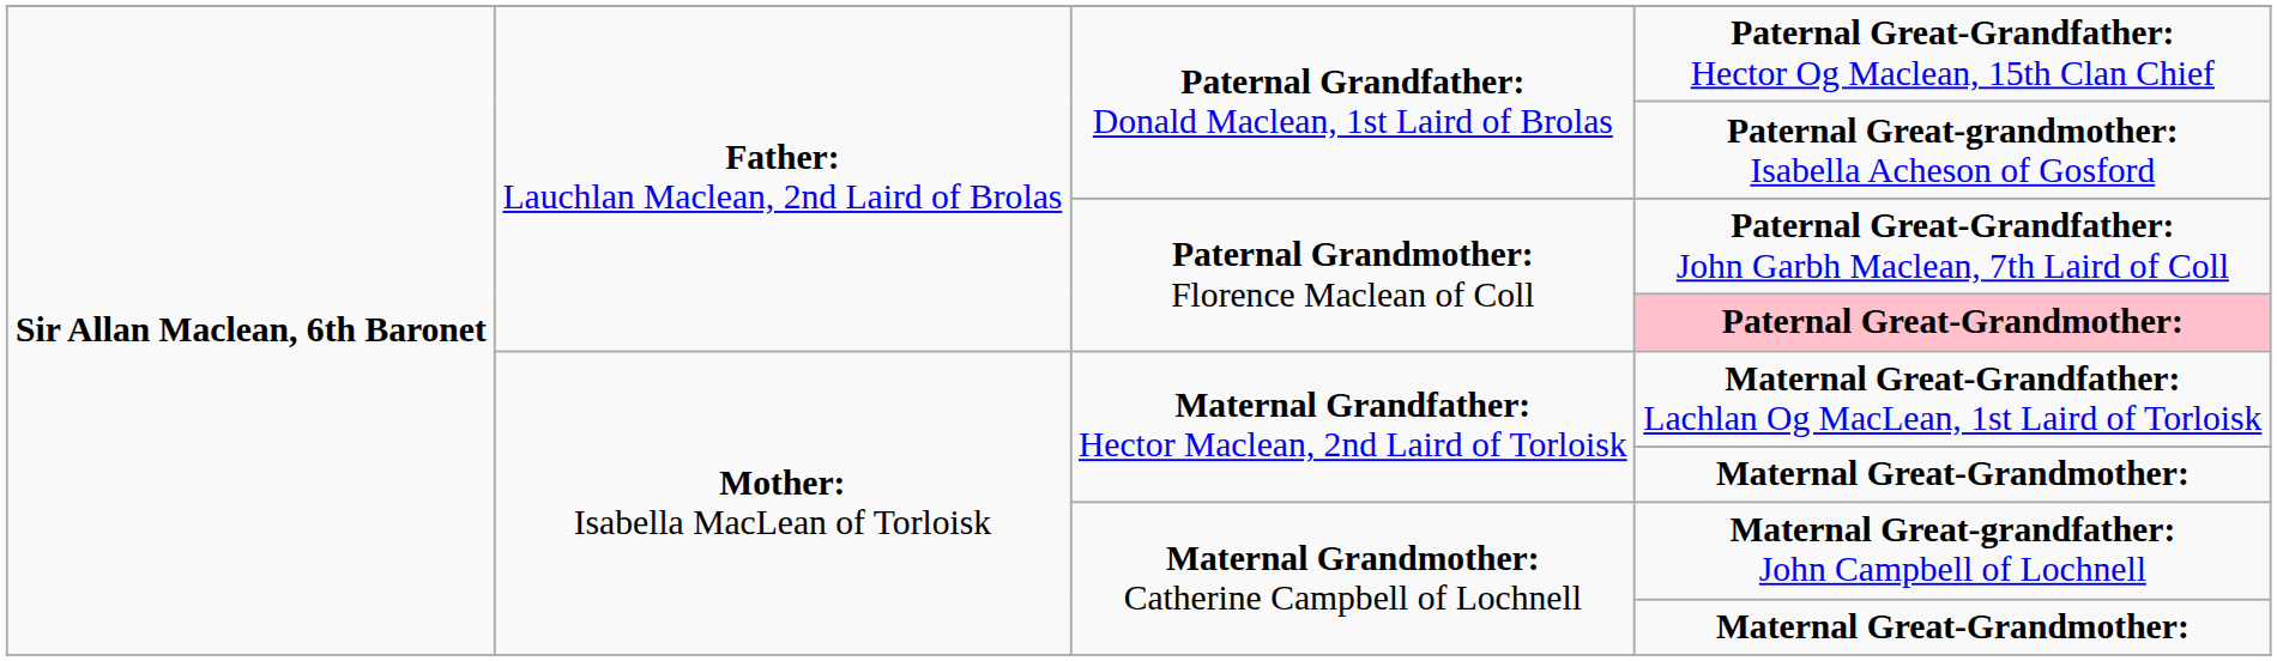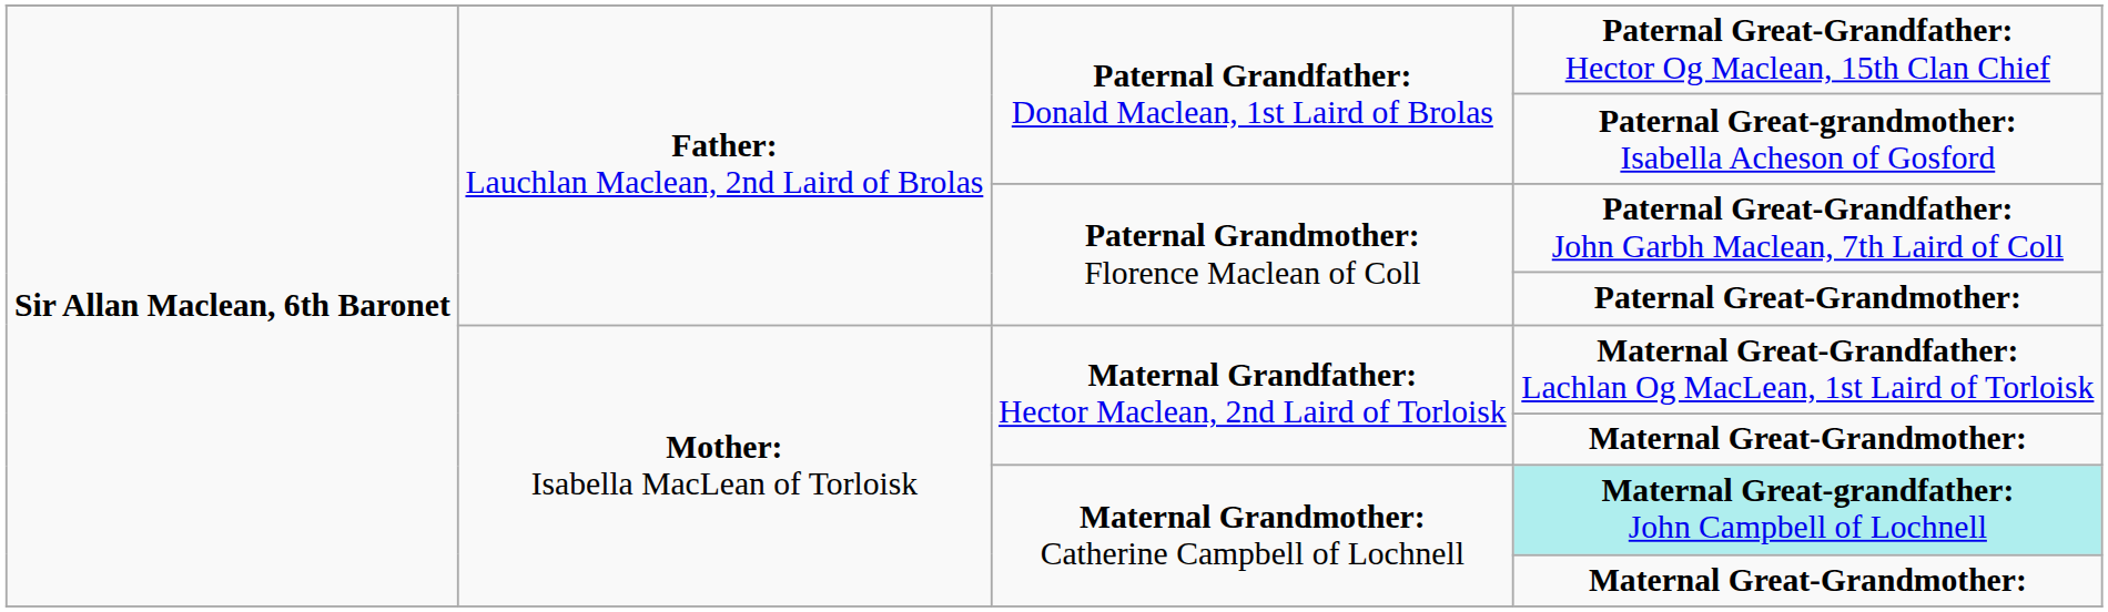 <table class="wikitable" style="margin: auto">
 <tr>
 </tr>
 <tr>
 <td rowspan="8" align="center"><strong>Sir Allan Maclean, 6th Baronet</strong></td>
 <td rowspan="4" align="center"><strong>Father:</strong><br><a href='#'>Lauchlan Maclean, 2nd Laird of Brolas</a></td>
 <td rowspan="2" align="center"><strong>Paternal Grandfather:</strong><br><a href='#'>Donald Maclean, 1st Laird of Brolas</a></td>
 <td align="center"><strong>Paternal Great-Grandfather:</strong><br><a href='#'>Hector Og Maclean, 15th Clan Chief</a></td>
 </tr>
 <tr>
 <td align="center"><strong>Paternal Great-grandmother:</strong><br><a href='#'>Isabella Acheson of Gosford</a></td>
 </tr>
 <tr>
 <td rowspan="2" align="center"><strong>Paternal Grandmother:</strong><br>Florence Maclean of Coll</td>
 <td align="center"><strong>Paternal Great-Grandfather:</strong><br><a href='#'>John Garbh Maclean, 7th Laird of Coll</a></td>
 </tr>
 <tr>
-<td align="center" style="background: pink;"><strong>Paternal Great-Grandmother:</strong><br></td>
+<td align="center"><strong>Paternal Great-Grandmother:</strong><br></td>
 </tr>
 <tr>
 <td rowspan="4" align="center"><strong>Mother:</strong><br>Isabella MacLean of Torloisk</td>
 <td rowspan="2" align="center"><strong>Maternal Grandfather:</strong><br><a href='#'>Hector Maclean, 2nd Laird of Torloisk</a></td>
 <td align="center"><strong>Maternal Great-Grandfather:</strong><br><a href='#'>Lachlan Og MacLean, 1st Laird of Torloisk</a></td>
 </tr>
 <tr>
 <td align="center"><strong>Maternal Great-Grandmother:</strong><br></td>
 </tr>
 <tr>
 <td rowspan="2" align="center"><strong>Maternal Grandmother:</strong><br>Catherine Campbell of Lochnell</td>
-<td align="center"><strong>Maternal Great-grandfather:</strong><br><a href='#'>John Campbell of Lochnell</a></td>
+<td align="center" style="background: paleturquoise;"><strong>Maternal Great-grandfather:</strong><br><a href='#'>John Campbell of Lochnell</a></td>
 </tr>
 <tr>
 <td align="center"><strong>Maternal Great-Grandmother:</strong><br></td>
 </tr>
 </table>
